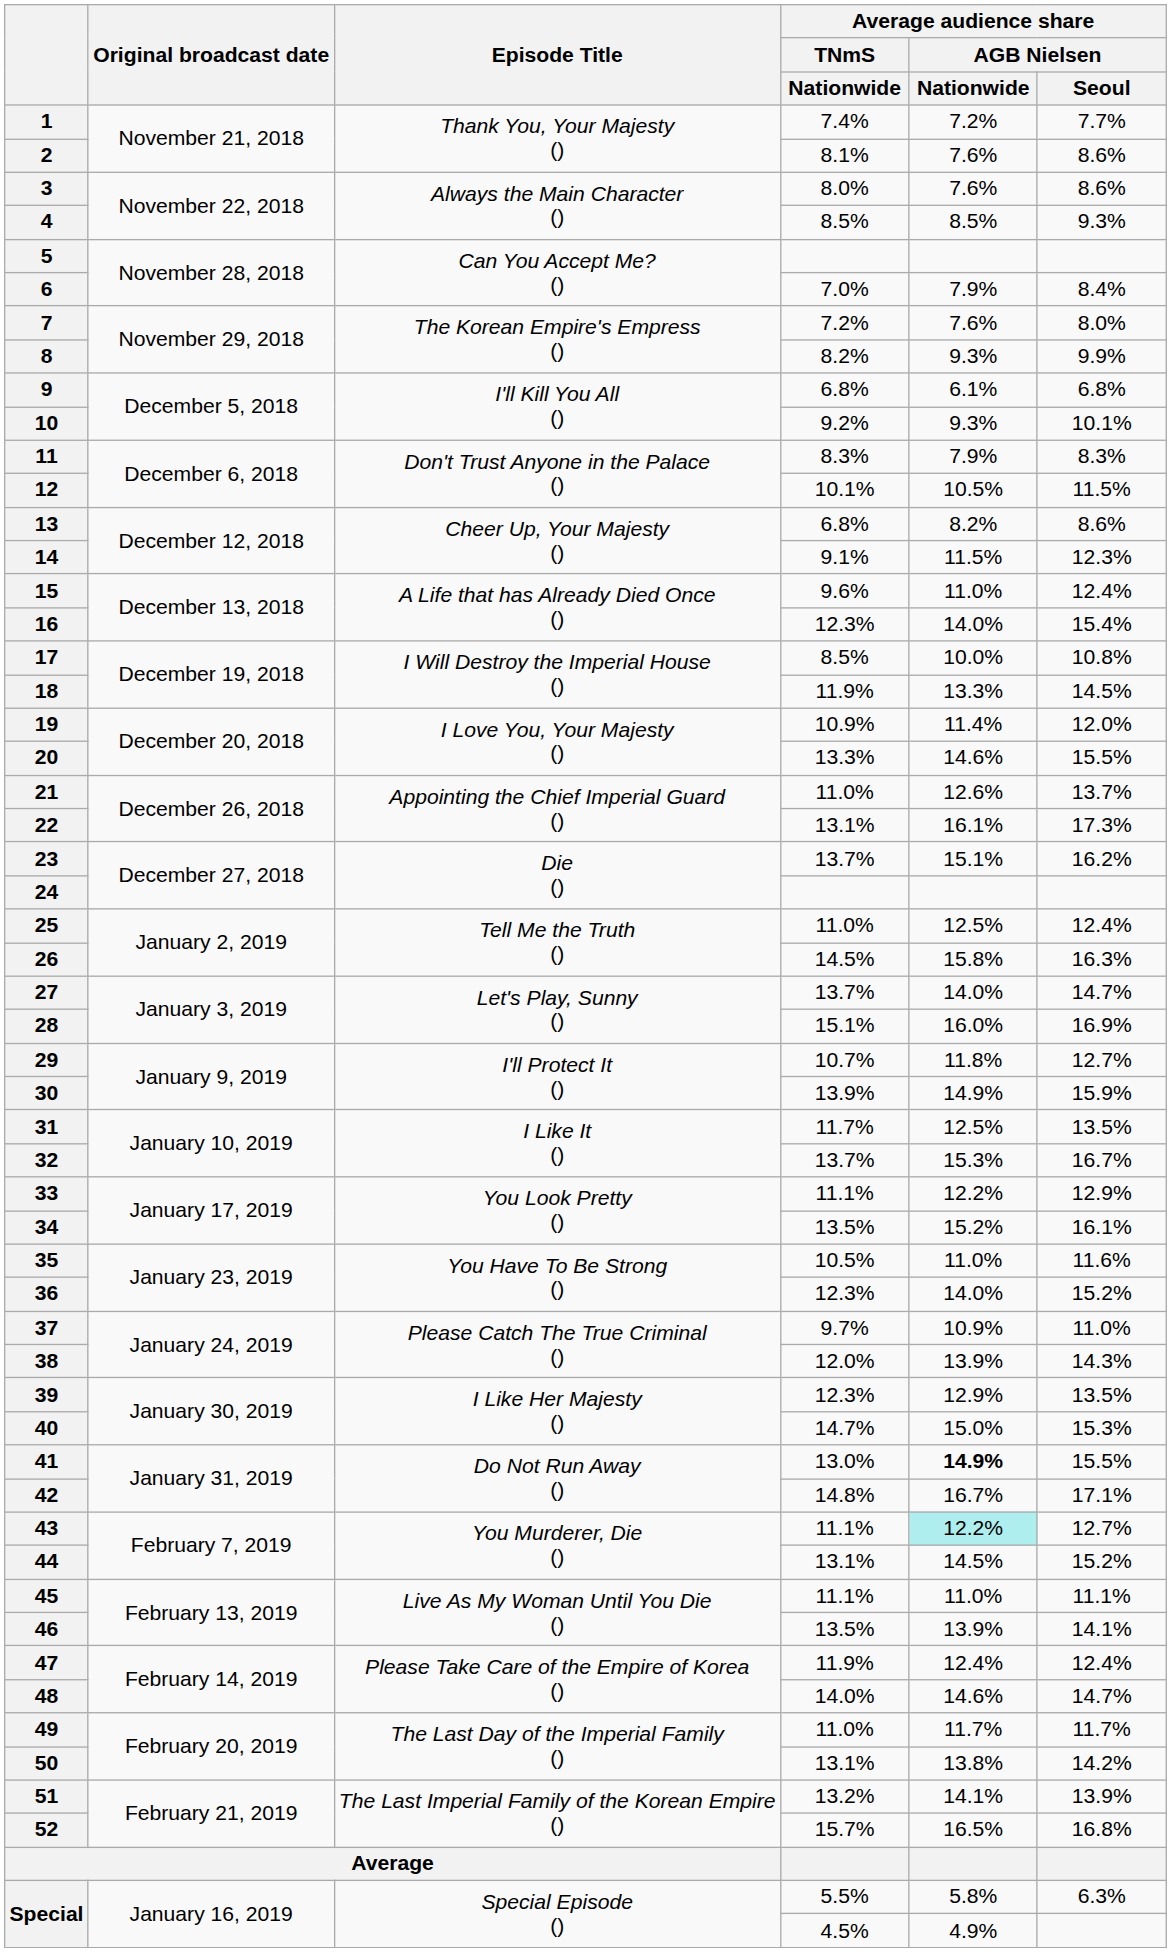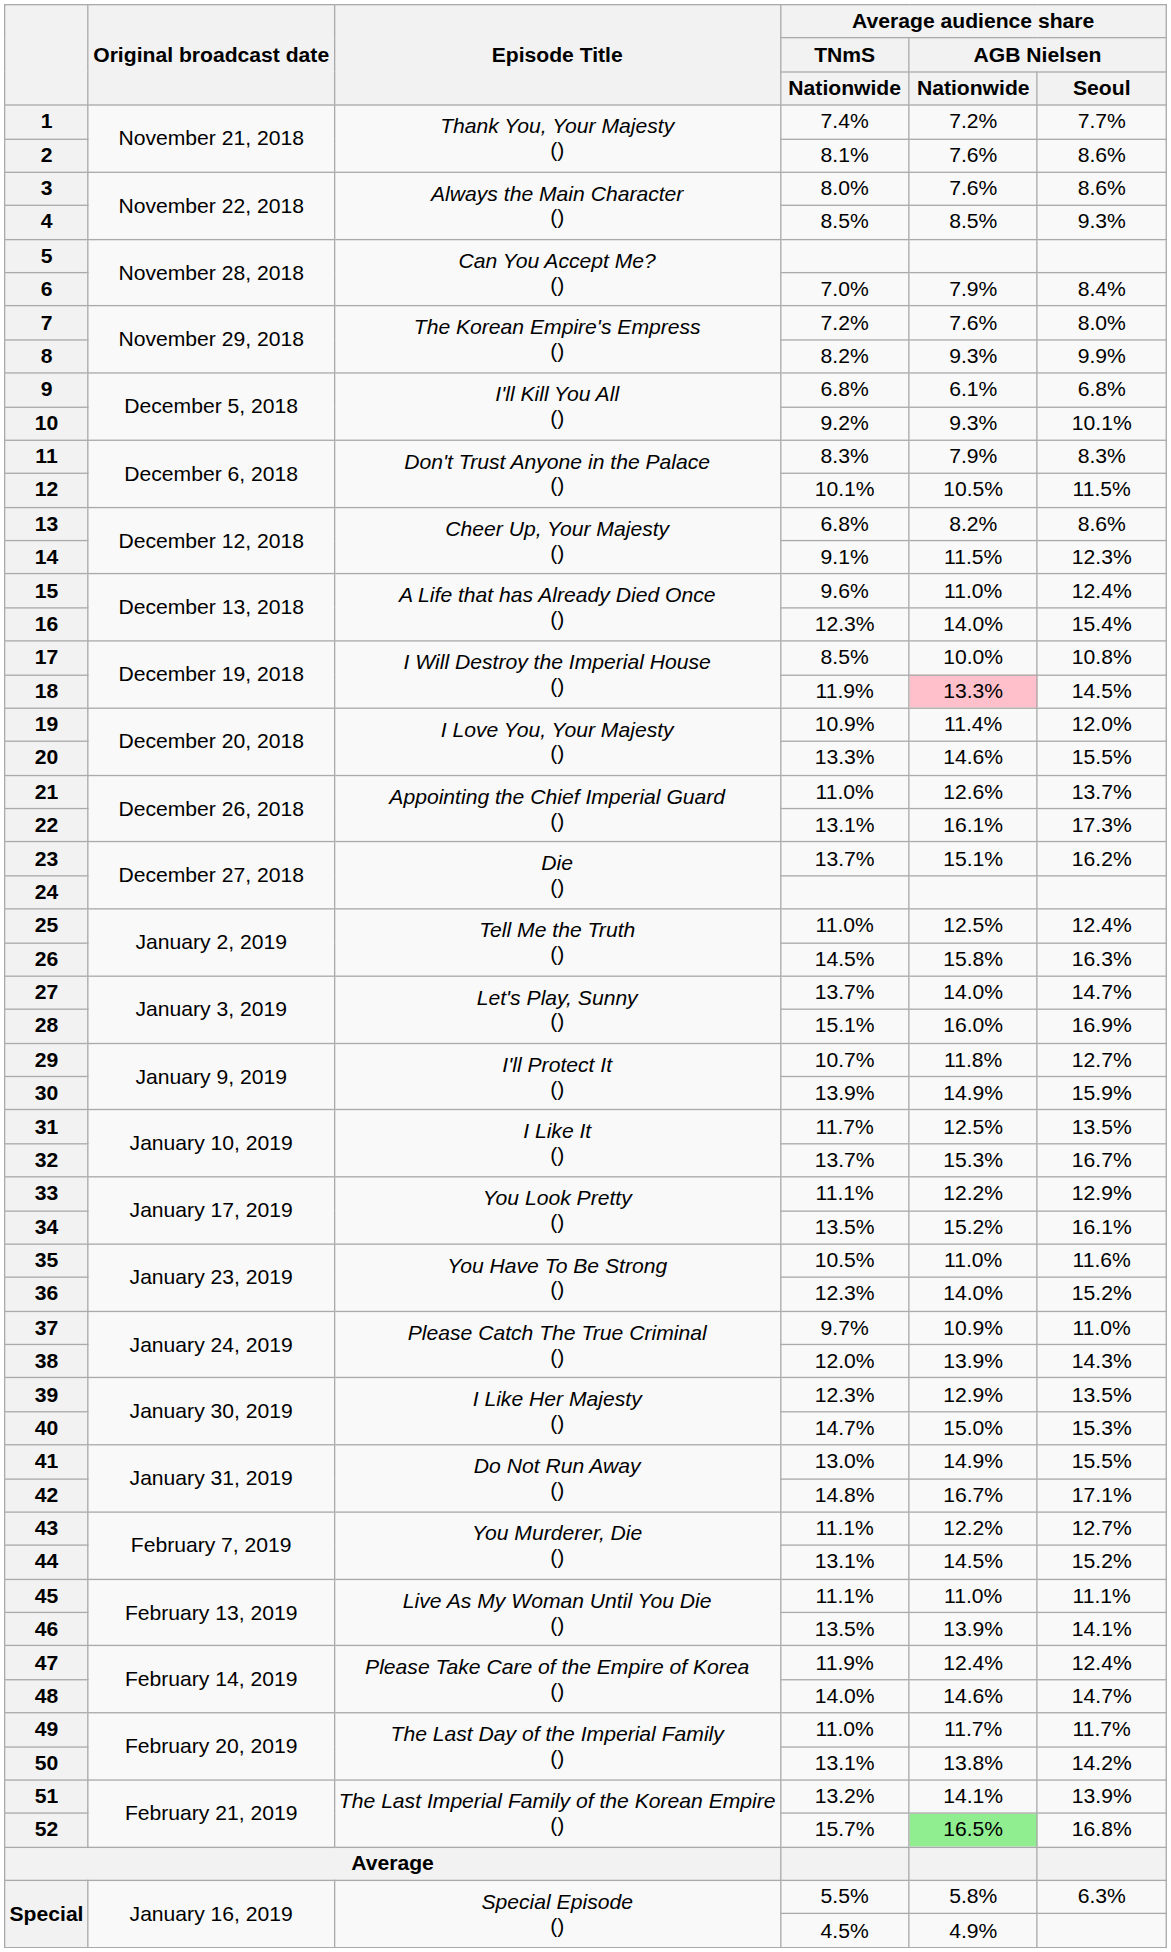 <table class="wikitable" style="text-align:center">
 <tr>
 <th rowspan="3"></th>
 <th rowspan="3">Original broadcast date</th>
 <th rowspan="3">Episode Title</th>
 <th colspan="3">Average audience share</th>
 </tr>
 <tr>
 <th colspan="1">TNmS</th>
 <th colspan="2">AGB Nielsen</th>
 </tr>
 <tr>
 <th width="90">Nationwide</th>
 <th width="90">Nationwide</th>
 <th width="90">Seoul</th>
 </tr>
 <tr>
 <th>1</th>
 <td rowspan="2">November 21, 2018</td>
 <td rowspan="2"><em>Thank You, Your Majesty</em><br>()</td>
 <td>7.4%</td>
 <td>7.2% </td>
 <td>7.7% </td>
 </tr>
 <tr>
 <th>2</th>
 <td>8.1%</td>
 <td>7.6% </td>
 <td>8.6% </td>
 </tr>
 <tr>
 <th>3</th>
 <td rowspan="2">November 22, 2018</td>
 <td rowspan="2"><em>Always the Main Character</em><br>()</td>
 <td>8.0%</td>
 <td>7.6% </td>
 <td>8.6% </td>
 </tr>
 <tr>
 <th>4</th>
 <td>8.5%</td>
 <td>8.5% </td>
 <td>9.3% </td>
 </tr>
 <tr>
 <th>5</th>
 <td rowspan="2">November 28, 2018</td>
 <td rowspan="2"><em>Can You Accept Me?</em><br>()</td>
 <td></td>
 <td> </td>
 <td> </td>
 </tr>
 <tr>
 <th>6</th>
 <td>7.0%</td>
 <td>7.9% </td>
 <td>8.4% </td>
 </tr>
 <tr>
 <th>7</th>
 <td rowspan="2">November 29, 2018</td>
 <td rowspan="2"><em>The Korean Empire's Empress</em><br>()</td>
 <td>7.2%</td>
 <td>7.6% </td>
 <td>8.0% </td>
 </tr>
 <tr>
 <th>8</th>
 <td>8.2%</td>
 <td>9.3% </td>
 <td>9.9% </td>
 </tr>
 <tr>
 <th>9</th>
 <td rowspan="2">December 5, 2018</td>
 <td rowspan="2"><em>I'll Kill You All</em><br>()</td>
 <td>6.8%</td>
 <td>6.1% </td>
 <td>6.8% </td>
 </tr>
 <tr>
 <th>10</th>
 <td>9.2%</td>
 <td>9.3% </td>
 <td>10.1% </td>
 </tr>
 <tr>
 <th>11</th>
 <td rowspan="2">December 6, 2018</td>
 <td rowspan="2"><em>Don't Trust Anyone in the Palace</em><br>()</td>
 <td>8.3%</td>
 <td>7.9% </td>
 <td>8.3% </td>
 </tr>
 <tr>
 <th>12</th>
 <td>10.1%</td>
 <td>10.5% </td>
 <td>11.5% </td>
 </tr>
 <tr>
 <th>13</th>
 <td rowspan="2">December 12, 2018</td>
 <td rowspan="2"><em>Cheer Up, Your Majesty</em><br>()</td>
 <td>6.8%</td>
 <td>8.2% </td>
 <td>8.6% </td>
 </tr>
 <tr>
 <th>14</th>
 <td>9.1%</td>
 <td>11.5% </td>
 <td>12.3% </td>
 </tr>
 <tr>
 <th>15</th>
 <td rowspan="2">December 13, 2018</td>
 <td rowspan="2"><em>A Life that has Already Died Once</em><br>()</td>
 <td>9.6%</td>
 <td>11.0% </td>
 <td>12.4% </td>
 </tr>
 <tr>
 <th>16</th>
 <td>12.3%</td>
 <td>14.0% </td>
 <td>15.4% </td>
 </tr>
 <tr>
 <th>17</th>
 <td rowspan="2">December 19, 2018</td>
 <td rowspan="2"><em>I Will Destroy the Imperial House</em><br>()</td>
 <td>8.5%</td>
 <td>10.0% </td>
 <td>10.8% </td>
 </tr>
 <tr>
 <th>18</th>
 <td>11.9%</td>
-<td>13.3% </td>
+<td style="background: pink;">13.3% </td>
 <td>14.5% </td>
 </tr>
 <tr>
 <th>19</th>
 <td rowspan="2">December 20, 2018</td>
 <td rowspan="2"><em>I Love You, Your Majesty</em><br>()</td>
 <td>10.9%</td>
 <td>11.4% </td>
 <td>12.0% </td>
 </tr>
 <tr>
 <th>20</th>
 <td>13.3%</td>
 <td>14.6% </td>
 <td>15.5% </td>
 </tr>
 <tr>
 <th>21</th>
 <td rowspan="2">December 26, 2018</td>
 <td rowspan="2"><em>Appointing the Chief Imperial Guard</em><br>()</td>
 <td>11.0%</td>
 <td>12.6% </td>
 <td>13.7% </td>
 </tr>
 <tr>
 <th>22</th>
 <td>13.1%</td>
 <td>16.1% </td>
 <td>17.3% </td>
 </tr>
 <tr>
 <th>23</th>
 <td rowspan="2">December 27, 2018</td>
 <td rowspan="2"><em>Die</em><br>()</td>
 <td>13.7%</td>
 <td>15.1% </td>
 <td>16.2% </td>
 </tr>
 <tr>
 <th>24</th>
 <td></td>
 <td> </td>
 <td> </td>
 </tr>
 <tr>
 <th>25</th>
 <td rowspan="2">January 2, 2019</td>
 <td rowspan="2"><em>Tell Me the Truth</em><br>()</td>
 <td>11.0%</td>
 <td>12.5% </td>
 <td>12.4% </td>
 </tr>
 <tr>
 <th>26</th>
 <td>14.5%</td>
 <td>15.8% </td>
 <td>16.3% </td>
 </tr>
 <tr>
 <th>27</th>
 <td rowspan="2">January 3, 2019</td>
 <td rowspan="2"><em>Let's Play, Sunny</em><br>()</td>
 <td>13.7%</td>
 <td>14.0% </td>
 <td>14.7% </td>
 </tr>
 <tr>
 <th>28</th>
 <td>15.1%</td>
 <td>16.0% </td>
 <td>16.9% </td>
 </tr>
 <tr>
 <th>29</th>
 <td rowspan="2">January 9, 2019</td>
 <td rowspan="2"><em>I'll Protect It</em><br>()</td>
 <td>10.7%</td>
 <td>11.8% </td>
 <td>12.7% </td>
 </tr>
 <tr>
 <th>30</th>
 <td>13.9%</td>
 <td>14.9% </td>
 <td>15.9% </td>
 </tr>
 <tr>
 <th>31</th>
 <td rowspan="2">January 10, 2019</td>
 <td rowspan="2"><em>I Like It</em><br>()</td>
 <td>11.7%</td>
 <td>12.5% </td>
 <td>13.5% </td>
 </tr>
 <tr>
 <th>32</th>
 <td>13.7%</td>
 <td>15.3% </td>
 <td>16.7% </td>
 </tr>
 <tr>
 <th>33</th>
 <td rowspan="2">January 17, 2019</td>
 <td rowspan="2"><em>You Look Pretty</em><br>()</td>
 <td>11.1%</td>
 <td>12.2% </td>
 <td>12.9% </td>
 </tr>
 <tr>
 <th>34</th>
 <td>13.5%</td>
 <td>15.2% </td>
 <td>16.1% </td>
 </tr>
 <tr>
 <th>35</th>
 <td rowspan="2">January 23, 2019</td>
 <td rowspan="2"><em>You Have To Be Strong</em><br>()</td>
 <td>10.5%</td>
 <td>11.0% </td>
 <td>11.6% </td>
 </tr>
 <tr>
 <th>36</th>
 <td>12.3%</td>
 <td>14.0% </td>
 <td>15.2% </td>
 </tr>
 <tr>
 <th>37</th>
 <td rowspan="2">January 24, 2019</td>
 <td rowspan="2"><em>Please Catch The True Criminal</em><br>()</td>
 <td>9.7%</td>
 <td>10.9% </td>
 <td>11.0% </td>
 </tr>
 <tr>
 <th>38</th>
 <td>12.0%</td>
 <td>13.9% </td>
 <td>14.3% </td>
 </tr>
 <tr>
 <th>39</th>
 <td rowspan="2">January 30, 2019</td>
 <td rowspan="2"><em>I Like Her Majesty</em><br>()</td>
 <td>12.3%</td>
 <td>12.9% </td>
 <td>13.5% </td>
 </tr>
 <tr>
 <th>40</th>
 <td>14.7%</td>
 <td>15.0% </td>
 <td>15.3% </td>
 </tr>
 <tr>
 <th>41</th>
 <td rowspan="2">January 31, 2019</td>
 <td rowspan="2"><em>Do Not Run Away</em><br>()</td>
 <td>13.0%</td>
-<td><strong>14.9% </strong></td>
+<td>14.9% </td>
 <td>15.5% </td>
 </tr>
 <tr>
 <th>42</th>
 <td>14.8%</td>
 <td>16.7% </td>
 <td>17.1% </td>
 </tr>
 <tr>
 <th>43</th>
 <td rowspan="2">February 7, 2019</td>
 <td rowspan="2"><em>You Murderer, Die</em> <br>()</td>
 <td>11.1%</td>
-<td style="background: paleturquoise;">12.2% </td>
+<td>12.2% </td>
 <td>12.7% </td>
 </tr>
 <tr>
 <th>44</th>
 <td>13.1%</td>
 <td>14.5% </td>
 <td>15.2% </td>
 </tr>
 <tr>
 <th>45</th>
 <td rowspan="2">February 13, 2019</td>
 <td rowspan="2"><em>Live As My Woman Until You Die</em><br>()</td>
 <td>11.1%</td>
 <td>11.0% </td>
 <td>11.1% </td>
 </tr>
 <tr>
 <th>46</th>
 <td>13.5%</td>
 <td>13.9% </td>
 <td>14.1% </td>
 </tr>
 <tr>
 <th>47</th>
 <td rowspan="2">February 14, 2019</td>
 <td rowspan="2"><em>Please Take Care of the Empire of Korea</em><br>()</td>
 <td>11.9%</td>
 <td>12.4% </td>
 <td>12.4% </td>
 </tr>
 <tr>
 <th>48</th>
 <td>14.0%</td>
 <td>14.6% </td>
 <td>14.7% </td>
 </tr>
 <tr>
 <th>49</th>
 <td rowspan="2">February 20, 2019</td>
 <td rowspan="2"><em>The Last Day of the Imperial Family</em><br>()</td>
 <td>11.0%</td>
 <td>11.7% </td>
 <td>11.7% </td>
 </tr>
 <tr>
 <th>50</th>
 <td>13.1%</td>
 <td>13.8% </td>
 <td>14.2% </td>
 </tr>
 <tr>
 <th>51</th>
 <td rowspan="2">February 21, 2019</td>
 <td rowspan="2"><em>The Last Imperial Family of the Korean Empire</em><br>()</td>
 <td>13.2%</td>
 <td>14.1% </td>
 <td>13.9% </td>
 </tr>
 <tr>
 <th>52</th>
 <td>15.7%</td>
-<td>16.5% </td>
+<td style="background: lightgreen;">16.5% </td>
 <td>16.8% </td>
 </tr>
 <tr>
 <th colspan="3">Average</th>
 <th></th>
 <th></th>
 <th></th>
 </tr>
 <tr>
 <th rowspan="2">Special</th>
 <td rowspan="2">January 16, 2019</td>
 <td rowspan="2"><em>Special Episode</em><br>()</td>
 <td>5.5%</td>
 <td>5.8% </td>
 <td>6.3% </td>
 </tr>
 <tr>
 <td>4.5%</td>
 <td>4.9% </td>
 <td></td>
 </tr>
 <tr>
 </tr>
 </table>
